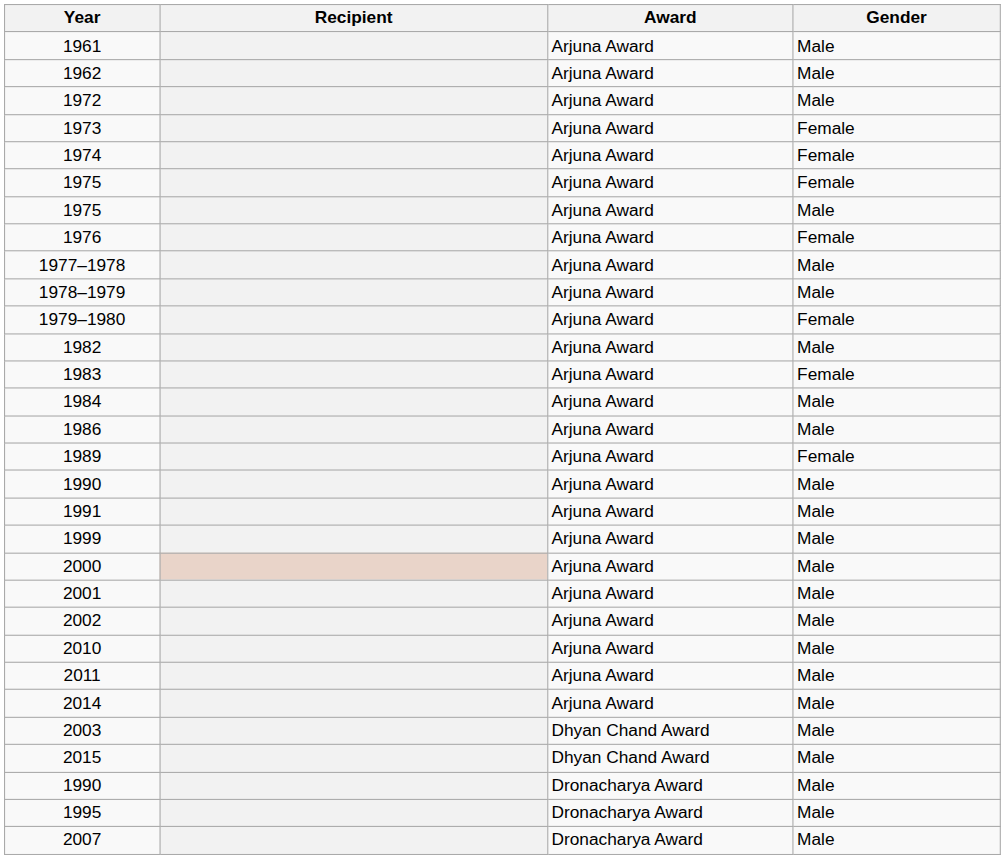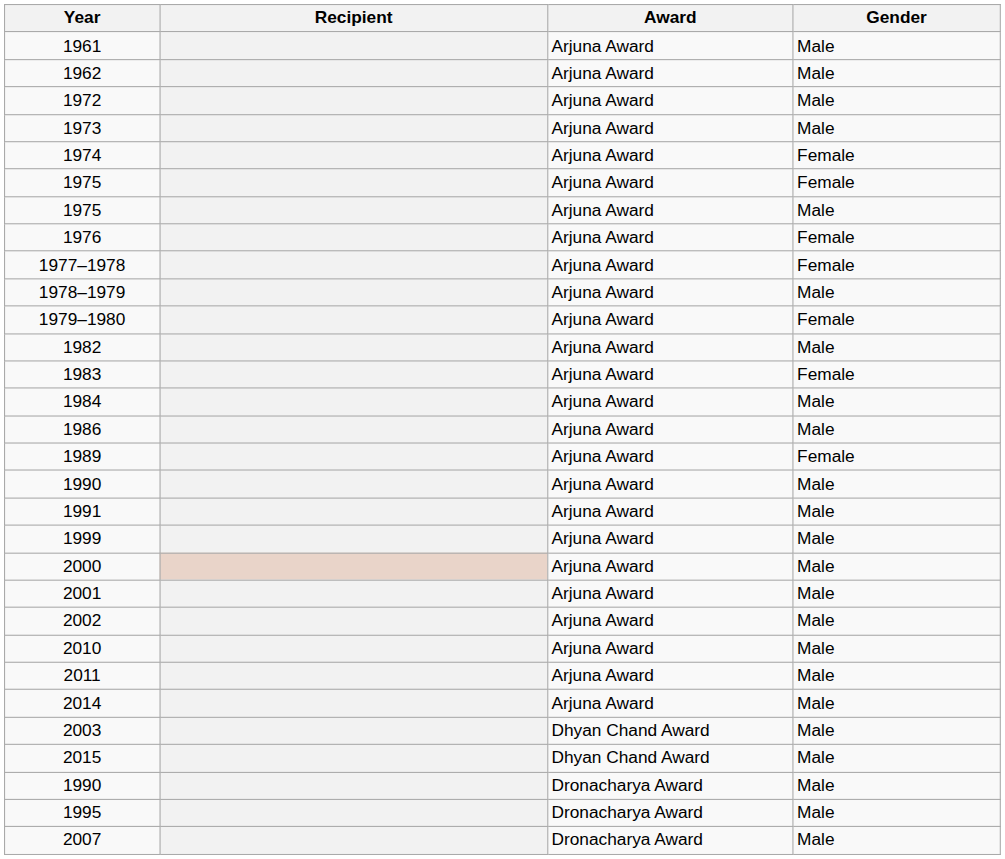 <table class="wikitable plainrowheaders sortable" style="width:73%">
 <tr>
 <th scope="col" style="width:12%">Year</th>
 <th scope="col" style="width:30%">Recipient</th>
 <th scope="col" style="width:19%">Award</th>
 <th scope="col" style="width:16%">Gender</th>
 </tr>
 <tr>
 <td style="text-align:center;">1961</td>
 <th scope="row"></th>
 <td>Arjuna Award</td>
 <td>Male</td>
 </tr>
 <tr>
 <td style="text-align:center;">1962</td>
 <th scope="row"></th>
 <td>Arjuna Award</td>
 <td>Male</td>
 </tr>
 <tr>
 <td style="text-align:center;">1972</td>
 <th scope="row"></th>
 <td>Arjuna Award</td>
 <td>Male</td>
 </tr>
 <tr>
 <td style="text-align:center;">1973</td>
 <th scope="row"></th>
 <td>Arjuna Award</td>
-<td>Female</td>
+<td>Male</td>
 </tr>
 <tr>
 <td style="text-align:center;">1974</td>
 <th scope="row"></th>
 <td>Arjuna Award</td>
 <td>Female</td>
 </tr>
 <tr>
 <td style="text-align:center;">1975</td>
 <th scope="row"></th>
 <td>Arjuna Award</td>
 <td>Female</td>
 </tr>
 <tr>
 <td style="text-align:center;">1975</td>
 <th scope="row"></th>
 <td>Arjuna Award</td>
 <td>Male</td>
 </tr>
 <tr>
 <td style="text-align:center;">1976</td>
 <th scope="row"></th>
 <td>Arjuna Award</td>
 <td>Female</td>
 </tr>
 <tr>
 <td style="text-align:center;">1977–1978</td>
 <th scope="row"></th>
 <td>Arjuna Award</td>
-<td>Male</td>
+<td>Female</td>
 </tr>
 <tr>
 <td style="text-align:center;">1978–1979</td>
 <th scope="row"></th>
 <td>Arjuna Award</td>
 <td>Male</td>
 </tr>
 <tr>
 <td style="text-align:center;">1979–1980</td>
 <th scope="row"></th>
 <td>Arjuna Award</td>
 <td>Female</td>
 </tr>
 <tr>
 <td style="text-align:center;">1982</td>
 <th scope="row"></th>
 <td>Arjuna Award</td>
 <td>Male</td>
 </tr>
 <tr>
 <td style="text-align:center;">1983</td>
 <th scope="row"></th>
 <td>Arjuna Award</td>
 <td>Female</td>
 </tr>
 <tr>
 <td style="text-align:center;">1984</td>
 <th scope="row"></th>
 <td>Arjuna Award</td>
 <td>Male</td>
 </tr>
 <tr>
 <td style="text-align:center;">1986</td>
 <th scope="row"></th>
 <td>Arjuna Award</td>
 <td>Male</td>
 </tr>
 <tr>
 <td style="text-align:center;">1989</td>
 <th scope="row"></th>
 <td>Arjuna Award</td>
 <td>Female</td>
 </tr>
 <tr>
 <td style="text-align:center;">1990</td>
 <th scope="row"></th>
 <td>Arjuna Award</td>
 <td>Male</td>
 </tr>
 <tr>
 <td style="text-align:center;">1991</td>
 <th scope="row"></th>
 <td>Arjuna Award</td>
 <td>Male</td>
 </tr>
 <tr>
 <td style="text-align:center;">1999</td>
 <th scope="row"></th>
 <td>Arjuna Award</td>
 <td>Male</td>
 </tr>
 <tr>
 <td style="text-align:center;">2000</td>
 <th scope="row" style="background-color:#E9D4C9"> </th>
 <td>Arjuna Award</td>
 <td>Male</td>
 </tr>
 <tr>
 <td style="text-align:center;">2001</td>
 <th scope="row"></th>
 <td>Arjuna Award</td>
 <td>Male</td>
 </tr>
 <tr>
 <td style="text-align:center;">2002</td>
 <th scope="row"></th>
 <td>Arjuna Award</td>
 <td>Male</td>
 </tr>
 <tr>
 <td style="text-align:center;">2010</td>
 <th scope="row"></th>
 <td>Arjuna Award</td>
 <td>Male</td>
 </tr>
 <tr>
 <td style="text-align:center;">2011</td>
 <th scope="row"></th>
 <td>Arjuna Award</td>
 <td>Male</td>
 </tr>
 <tr>
 <td style="text-align:center;">2014</td>
 <th scope="row"></th>
 <td>Arjuna Award</td>
 <td>Male</td>
 </tr>
 <tr>
 <td style="text-align:center;">2003</td>
 <th scope="row"></th>
 <td>Dhyan Chand Award</td>
 <td>Male</td>
 </tr>
 <tr>
 <td style="text-align:center;">2015</td>
 <th scope="row"></th>
 <td>Dhyan Chand Award</td>
 <td>Male</td>
 </tr>
 <tr>
 <td style="text-align:center;">1990</td>
 <th scope="row"></th>
 <td>Dronacharya Award</td>
 <td>Male</td>
 </tr>
 <tr>
 <td style="text-align:center;">1995</td>
 <th scope="row"></th>
 <td>Dronacharya Award</td>
 <td>Male</td>
 </tr>
 <tr>
 <td style="text-align:center;">2007</td>
 <th scope="row"></th>
 <td>Dronacharya Award</td>
 <td>Male</td>
 </tr>
 </table>
